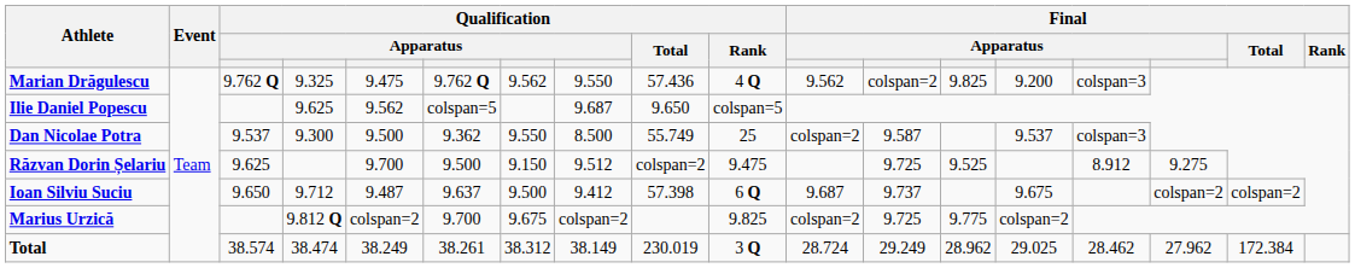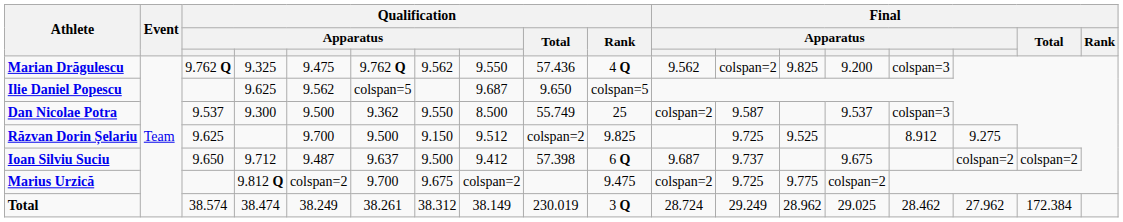 <table class="wikitable" style="font-size:90%">
 <tr>
 <th rowspan=3>Athlete</th>
 <th rowspan=3>Event</th>
 <th colspan =8>Qualification</th>
 <th colspan =8>Final</th>
 </tr>
 <tr style="font-size:95%">
 <th colspan=6>Apparatus</th>
 <th rowspan=2>Total</th>
 <th rowspan=2>Rank</th>
 <th colspan=6>Apparatus</th>
 <th rowspan=2>Total</th>
 <th rowspan=2>Rank</th>
 </tr>
 <tr style="font-size:95%">
 <th></th>
 <th></th>
 <th></th>
 <th></th>
 <th></th>
 <th></th>
 <th></th>
 <th></th>
 <th></th>
 <th></th>
 <th></th>
 <th></th>
 </tr>
 <tr align=center>
 <td align=left><strong><a href='#'>Marian Drăgulescu</a></strong></td>
 <td align=left rowspan=7><a href='#'>Team</a></td>
 <td>9.762 <strong>Q</strong></td>
 <td>9.325</td>
 <td>9.475</td>
 <td>9.762 <strong>Q</strong></td>
 <td>9.562</td>
 <td>9.550</td>
 <td>57.436</td>
 <td>4 <strong>Q</strong></td>
 <td>9.562</td>
 <td>colspan=2 </td>
 <td>9.825</td>
 <td>9.200</td>
 <td>colspan=3 </td>
 </tr>
 <tr align=center>
 <td align=left><strong><a href='#'>Ilie Daniel Popescu</a></strong></td>
 <td></td>
 <td>9.625</td>
 <td>9.562</td>
 <td>colspan=5 </td>
 <td></td>
 <td>9.687</td>
 <td>9.650</td>
 <td>colspan=5 </td>
 </tr>
 <tr align=center>
 <td align=left><strong><a href='#'>Dan Nicolae Potra</a></strong></td>
 <td>9.537</td>
 <td>9.300</td>
 <td>9.500</td>
 <td>9.362</td>
 <td>9.550</td>
 <td>8.500</td>
 <td>55.749</td>
 <td>25</td>
 <td>colspan=2 </td>
 <td>9.587</td>
 <td></td>
 <td>9.537</td>
 <td>colspan=3 </td>
 </tr>
 <tr align=center>
 <td align=left><strong><a href='#'>Răzvan Dorin Șelariu</a></strong></td>
 <td>9.625</td>
 <td></td>
 <td>9.700</td>
 <td>9.500</td>
 <td>9.150</td>
 <td>9.512</td>
 <td>colspan=2 </td>
-<td>9.475</td>
+<td>9.825</td>
 <td></td>
 <td>9.725</td>
 <td>9.525</td>
 <td></td>
 <td>8.912</td>
 <td>9.275</td>
 </tr>
 <tr align=center>
 <td align=left><strong><a href='#'>Ioan Silviu Suciu</a></strong></td>
 <td>9.650</td>
 <td>9.712</td>
 <td>9.487</td>
 <td>9.637</td>
 <td>9.500</td>
 <td>9.412</td>
 <td>57.398</td>
 <td>6 <strong>Q</strong></td>
 <td>9.687</td>
 <td>9.737</td>
 <td></td>
 <td>9.675</td>
 <td></td>
 <td>colspan=2 </td>
 <td>colspan=2 </td>
 </tr>
 <tr align=center>
 <td align=left><strong><a href='#'>Marius Urzică</a></strong></td>
 <td></td>
 <td>9.812 <strong>Q</strong></td>
 <td>colspan=2 </td>
 <td>9.700</td>
 <td>9.675</td>
 <td>colspan=2 </td>
 <td></td>
-<td>9.825</td>
+<td>9.475</td>
 <td>colspan=2 </td>
 <td>9.725</td>
 <td>9.775</td>
 <td>colspan=2 </td>
 </tr>
 <tr align=center>
 <td align=left><strong>Total</strong></td>
 <td>38.574</td>
 <td>38.474</td>
 <td>38.249</td>
 <td>38.261</td>
 <td>38.312</td>
 <td>38.149</td>
 <td>230.019</td>
 <td>3 <strong>Q</strong></td>
 <td>28.724</td>
 <td>29.249</td>
 <td>28.962</td>
 <td>29.025</td>
 <td>28.462</td>
 <td>27.962</td>
 <td>172.384</td>
 <td></td>
 </tr>
 </table>
